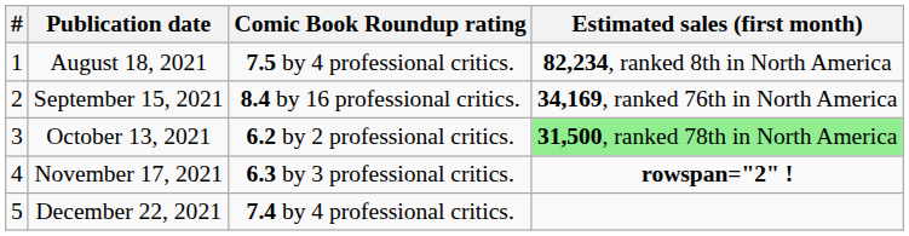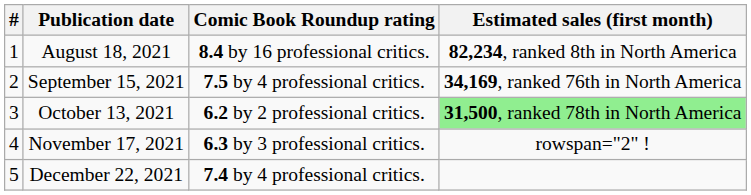 <table class="wikitable" style="text-align:center;">
 <tr>
 <th>#</th>
 <th>Publication date</th>
 <th>Comic Book Roundup rating</th>
 <th><strong>Estimated sales (first month)</strong></th>
 </tr>
 <tr>
 <td>1</td>
 <td>August 18, 2021</td>
-<td><strong>7.5</strong> by 4 professional critics.</td>
+<td><strong>8.4</strong> by 16 professional critics.</td>
 <td><strong>82,234</strong>, ranked 8th in North America</td>
 </tr>
 <tr>
 <td>2</td>
 <td>September 15, 2021</td>
-<td><strong>8.4</strong> by 16 professional critics.</td>
+<td><strong>7.5</strong> by 4 professional critics.</td>
 <td><strong>34,169</strong>, ranked 76th in North America</td>
 </tr>
 <tr>
 <td>3</td>
 <td>October 13, 2021</td>
 <td><strong>6.2</strong> by 2 professional critics.</td>
 <td style="background: lightgreen;"><strong>31,500</strong>, ranked 78th in North America</td>
 </tr>
 <tr>
 <td>4</td>
 <td>November 17, 2021</td>
 <td><strong>6.3</strong> by 3 professional critics.</td>
-<td><strong>rowspan="2" !</strong></td>
+<td>rowspan="2" !</td>
 </tr>
 <tr>
 <td>5</td>
 <td>December 22, 2021</td>
 <td><strong>7.4</strong> by 4 professional critics.</td>
 </tr>
 </table>
